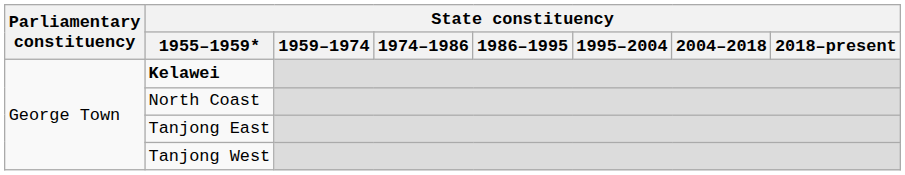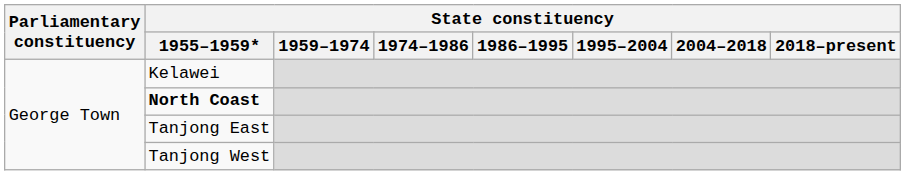 <table class="wikitable">
 <tr>
 <th rowspan="2">Parliamentary<br>constituency</th>
 <th colspan="7">State constituency</th>
 </tr>
 <tr>
 <th>1955–1959*</th>
 <th>1959–1974</th>
 <th>1974–1986</th>
 <th>1986–1995</th>
 <th>1995–2004</th>
 <th>2004–2018</th>
 <th>2018–present</th>
 </tr>
 <tr>
 <td rowspan="4">George Town</td>
-<td><strong>Kelawei</strong></td>
+<td>Kelawei</td>
 <td colspan="6" bgcolor="dcdcdc"></td>
 </tr>
 <tr>
-<td>North Coast</td>
+<td><strong>North Coast</strong></td>
 <td colspan="6" bgcolor="dcdcdc"></td>
 </tr>
 <tr>
 <td>Tanjong East</td>
 <td colspan="6" bgcolor="dcdcdc"></td>
 </tr>
 <tr>
 <td>Tanjong West</td>
 <td colspan="6" bgcolor="dcdcdc"></td>
 </tr>
 </table>
